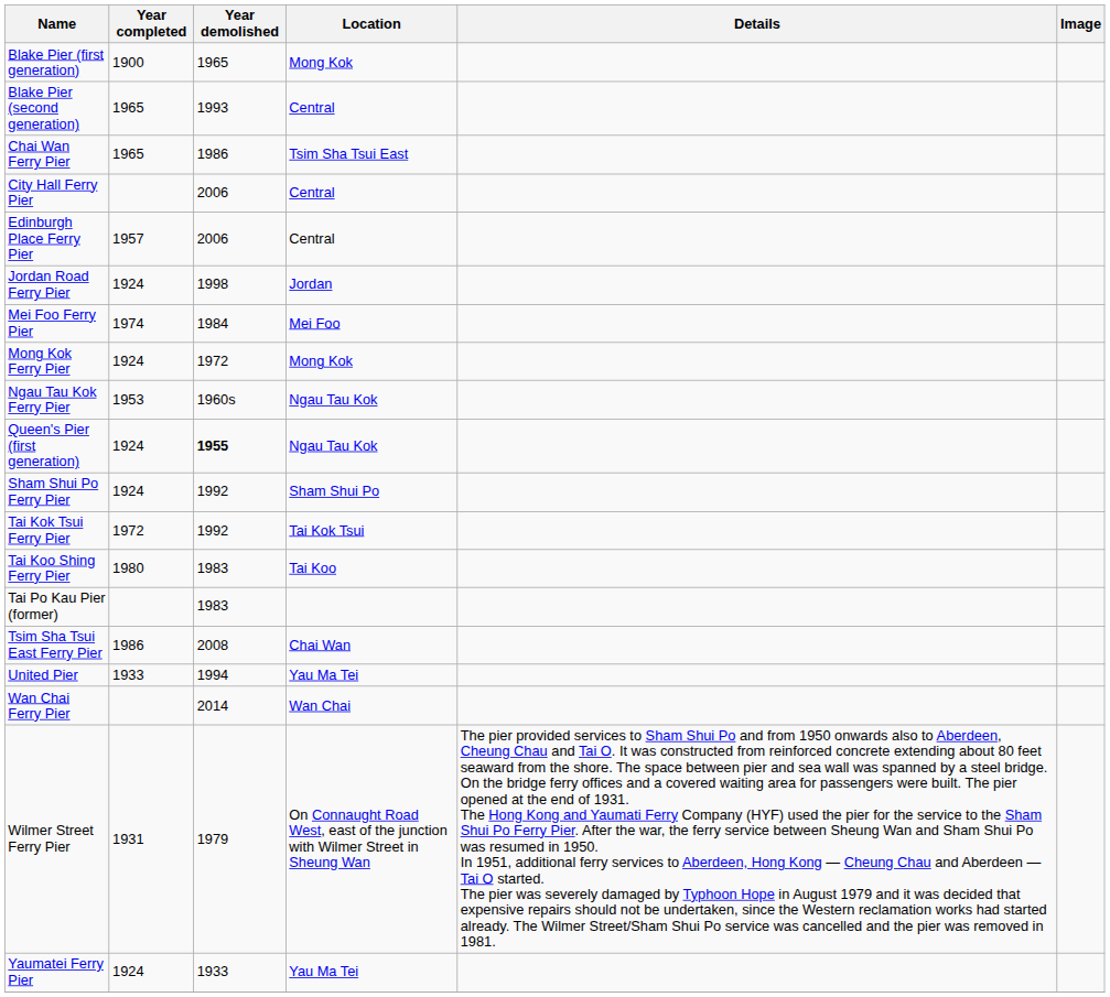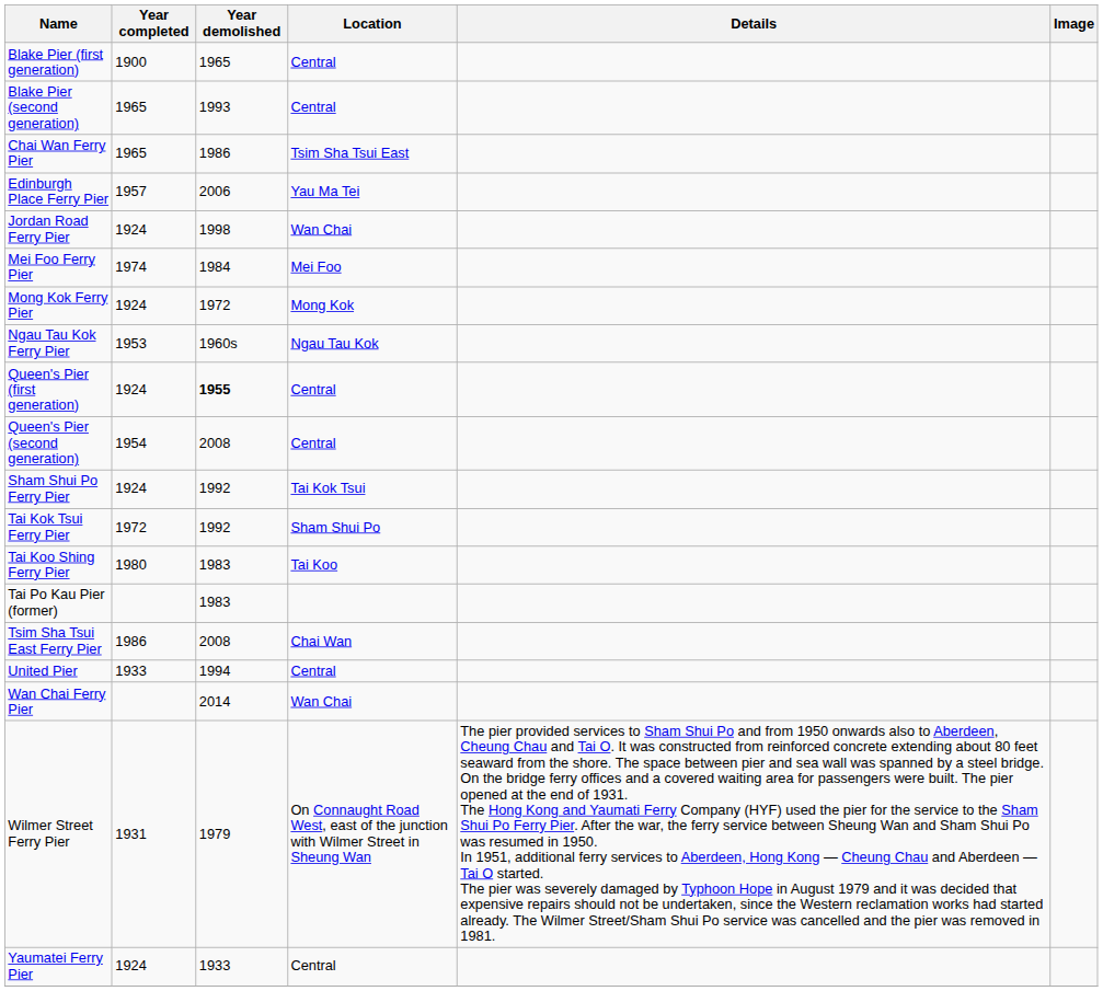 <table class="wikitable">
 <tr>
 <th>Name</th>
 <th>Year completed</th>
 <th>Year demolished</th>
 <th>Location</th>
 <th>Details</th>
 <th>Image</th>
 </tr>
 <tr>
 <td><a href='#'>Blake Pier (first generation)</a></td>
 <td>1900</td>
 <td>1965</td>
-<td><a href='#'>Mong Kok</a></td>
+<td><a href='#'>Central</a></td>
 <td></td>
 <td><br></td>
 </tr>
 <tr>
 <td><a href='#'>Blake Pier (second generation)</a></td>
 <td>1965</td>
 <td>1993</td>
 <td><a href='#'>Central</a></td>
 <td></td>
 <td><br></td>
 </tr>
 <tr>
 <td><a href='#'>Chai Wan Ferry Pier</a></td>
 <td>1965</td>
 <td>1986</td>
 <td><a href='#'>Tsim Sha Tsui East</a></td>
 <td></td>
 <td></td>
 </tr>
 <tr>
-<td><a href='#'>City Hall Ferry Pier</a></td>
-<td></td>
-<td>2006</td>
-<td><a href='#'>Central</a></td>
-<td></td>
-<td></td>
-</tr>
-<tr>
 <td><a href='#'>Edinburgh Place Ferry Pier</a></td>
 <td>1957</td>
 <td>2006</td>
-<td>Central</td>
+<td><a href='#'>Yau Ma Tei</a></td>
 <td></td>
 <td><br></td>
 </tr>
 <tr>
 <td><a href='#'>Jordan Road Ferry Pier</a></td>
 <td>1924</td>
 <td>1998</td>
-<td><a href='#'>Jordan</a></td>
+<td><a href='#'>Wan Chai</a></td>
 <td></td>
 <td><br></td>
 </tr>
 <tr>
 <td><a href='#'>Mei Foo Ferry Pier</a></td>
 <td>1974</td>
 <td>1984</td>
 <td><a href='#'>Mei Foo</a></td>
 <td></td>
 <td></td>
 </tr>
 <tr>
 <td><a href='#'>Mong Kok Ferry Pier</a></td>
 <td>1924</td>
 <td>1972</td>
 <td><a href='#'>Mong Kok</a></td>
 <td></td>
 <td></td>
 </tr>
 <tr>
 <td><a href='#'>Ngau Tau Kok Ferry Pier</a></td>
 <td>1953</td>
 <td>1960s</td>
 <td><a href='#'>Ngau Tau Kok</a></td>
 <td></td>
 <td></td>
 </tr>
 <tr>
 <td><a href='#'>Queen's Pier (first generation)</a></td>
 <td>1924</td>
 <td><strong>1955</strong></td>
-<td><a href='#'>Ngau Tau Kok</a></td>
+<td><a href='#'>Central</a></td>
+<td></td>
+<td><br></td>
+</tr>
+<tr>
+<td><a href='#'>Queen's Pier (second generation)</a></td>
+<td>1954</td>
+<td>2008</td>
+<td><a href='#'>Central</a></td>
 <td></td>
 <td><br></td>
 </tr>
 <tr>
 <td><a href='#'>Sham Shui Po Ferry Pier</a></td>
 <td>1924</td>
 <td>1992</td>
-<td><a href='#'>Sham Shui Po</a></td>
+<td><a href='#'>Tai Kok Tsui</a></td>
 <td></td>
 <td></td>
 </tr>
 <tr>
 <td><a href='#'>Tai Kok Tsui Ferry Pier</a></td>
 <td>1972</td>
 <td>1992</td>
-<td><a href='#'>Tai Kok Tsui</a></td>
+<td><a href='#'>Sham Shui Po</a></td>
 <td></td>
 <td></td>
 </tr>
 <tr>
 <td><a href='#'>Tai Koo Shing Ferry Pier</a></td>
 <td>1980</td>
 <td>1983</td>
 <td><a href='#'>Tai Koo</a></td>
 <td></td>
 <td></td>
 </tr>
 <tr>
 <td>Tai Po Kau Pier (former)</td>
 <td></td>
 <td>1983</td>
 <td></td>
 <td></td>
 <td></td>
 </tr>
 <tr>
 <td><a href='#'>Tsim Sha Tsui East Ferry Pier</a></td>
 <td>1986</td>
 <td>2008</td>
 <td><a href='#'>Chai Wan</a></td>
 <td></td>
 <td><br></td>
 </tr>
 <tr>
 <td><a href='#'>United Pier</a></td>
 <td>1933</td>
 <td>1994</td>
-<td><a href='#'>Yau Ma Tei</a></td>
+<td><a href='#'>Central</a></td>
 <td></td>
 <td></td>
 </tr>
 <tr>
 <td><a href='#'>Wan Chai Ferry Pier</a></td>
 <td></td>
 <td>2014</td>
 <td><a href='#'>Wan Chai</a></td>
 <td></td>
 <td><br></td>
 </tr>
 <tr>
 <td>Wilmer Street Ferry Pier</td>
 <td>1931</td>
 <td>1979</td>
 <td><br>On <a href='#'>Connaught Road West</a>, east of the junction with Wilmer Street in <a href='#'>Sheung Wan</a><br><br></td>
 <td>The pier provided services to <a href='#'>Sham Shui Po</a> and from 1950 onwards also to <a href='#'>Aberdeen</a>, <a href='#'>Cheung Chau</a> and <a href='#'>Tai O</a>. It was constructed from reinforced concrete extending about 80 feet seaward from the shore. The space between pier and sea wall was spanned by a steel bridge. On the bridge ferry offices and a covered waiting area for passengers were built. The pier opened at the end of 1931.<br>The <a href='#'>Hong Kong and Yaumati Ferry</a> Company (HYF) used the pier for the service to the <a href='#'>Sham Shui Po Ferry Pier</a>. After the war, the ferry service between Sheung Wan and Sham Shui Po was resumed in 1950.<br>In 1951, additional ferry services to <a href='#'>Aberdeen, Hong Kong</a> — <a href='#'>Cheung Chau</a> and Aberdeen — <a href='#'>Tai O</a> started.<br>The pier was severely damaged by <a href='#'>Typhoon Hope</a> in August 1979 and it was decided that expensive repairs should not be undertaken, since the Western reclamation works had started already. The Wilmer Street/Sham Shui Po service was cancelled and the pier was removed in 1981.</td>
 </tr>
 <tr>
 <td><a href='#'>Yaumatei Ferry Pier</a></td>
 <td>1924</td>
 <td>1933</td>
-<td><a href='#'>Yau Ma Tei</a></td>
+<td>Central</td>
 <td></td>
 <td></td>
 </tr>
 <tr>
 </tr>
 </table>
